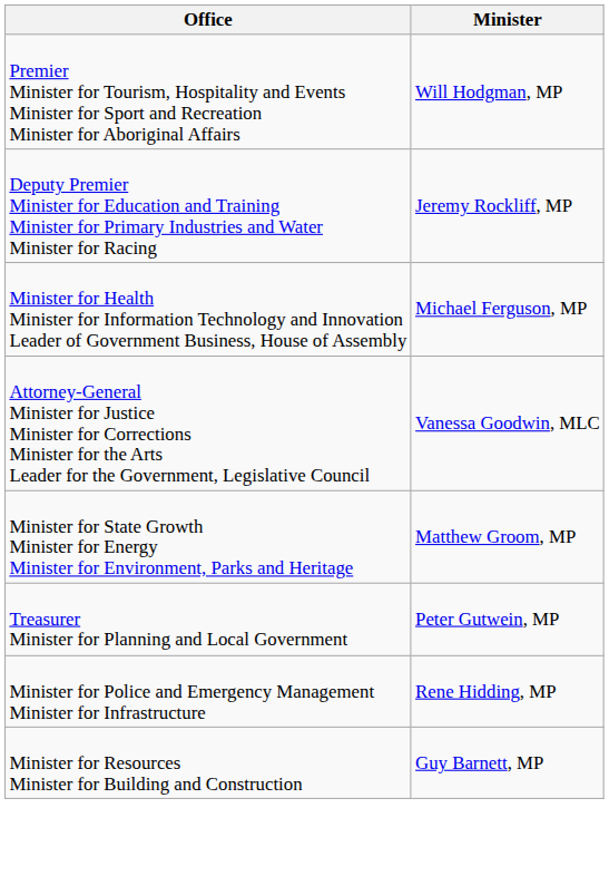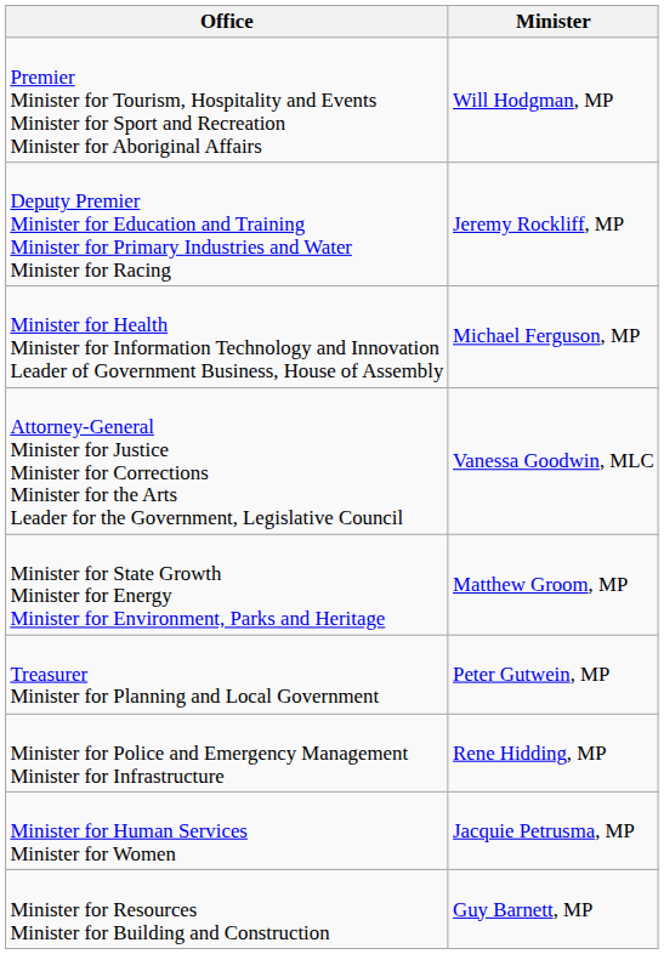 <table class="wikitable">
 <tr>
 <th>Office</th>
 <th>Minister</th>
 </tr>
 <tr>
 <td><br><a href='#'>Premier</a><br> Minister for Tourism, Hospitality and Events<br> Minister for Sport and Recreation<br> Minister for Aboriginal Affairs</td>
 <td><a href='#'>Will Hodgman</a>, MP</td>
 </tr>
 <tr>
 <td><br><a href='#'>Deputy Premier</a><br> <a href='#'>Minister for Education and Training</a><br> <a href='#'>Minister for Primary Industries and Water</a><br> Minister for Racing<br></td>
 <td><a href='#'>Jeremy Rockliff</a>, MP</td>
 </tr>
 <tr>
 <td><br><a href='#'>Minister for Health</a><br> Minister for Information Technology and Innovation<br> Leader of Government Business, House of Assembly<br></td>
 <td><a href='#'>Michael Ferguson</a>, MP</td>
 </tr>
 <tr>
 <td><br><a href='#'>Attorney-General</a><br> Minister for Justice<br> Minister for Corrections<br> Minister for the Arts<br> Leader for the Government, Legislative Council</td>
 <td><a href='#'>Vanessa Goodwin</a>, MLC</td>
 </tr>
 <tr>
 <td><br>Minister for State Growth<br> Minister for Energy<br> <a href='#'>Minister for Environment, Parks and Heritage</a></td>
 <td><a href='#'>Matthew Groom</a>, MP</td>
 </tr>
 <tr>
 <td><br><a href='#'>Treasurer</a><br> Minister for Planning and Local Government</td>
 <td><a href='#'>Peter Gutwein</a>, MP</td>
 </tr>
 <tr>
 <td><br>Minister for Police and Emergency Management<br> Minister for Infrastructure</td>
 <td><a href='#'>Rene Hidding</a>, MP</td>
 </tr>
 <tr>
+<td><br><a href='#'>Minister for Human Services</a><br> Minister for Women</td>
+<td><a href='#'>Jacquie Petrusma</a>, MP</td>
+</tr>
+<tr>
 <td><br>Minister for Resources<br> Minister for Building and Construction</td>
 <td><a href='#'>Guy Barnett</a>, MP</td>
 </tr>
 </table>
